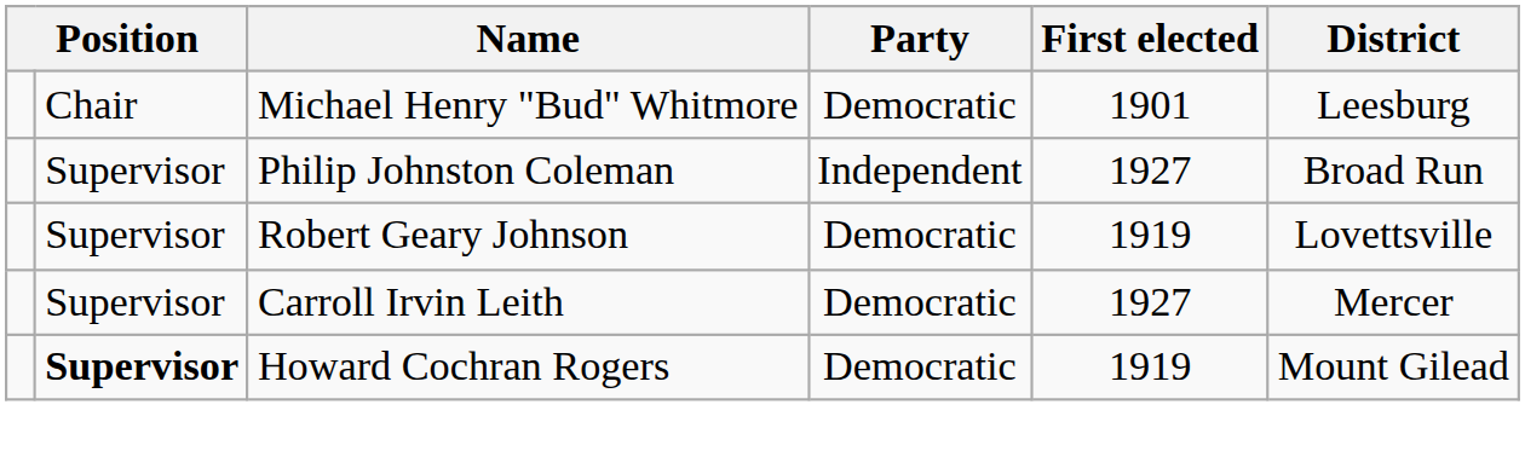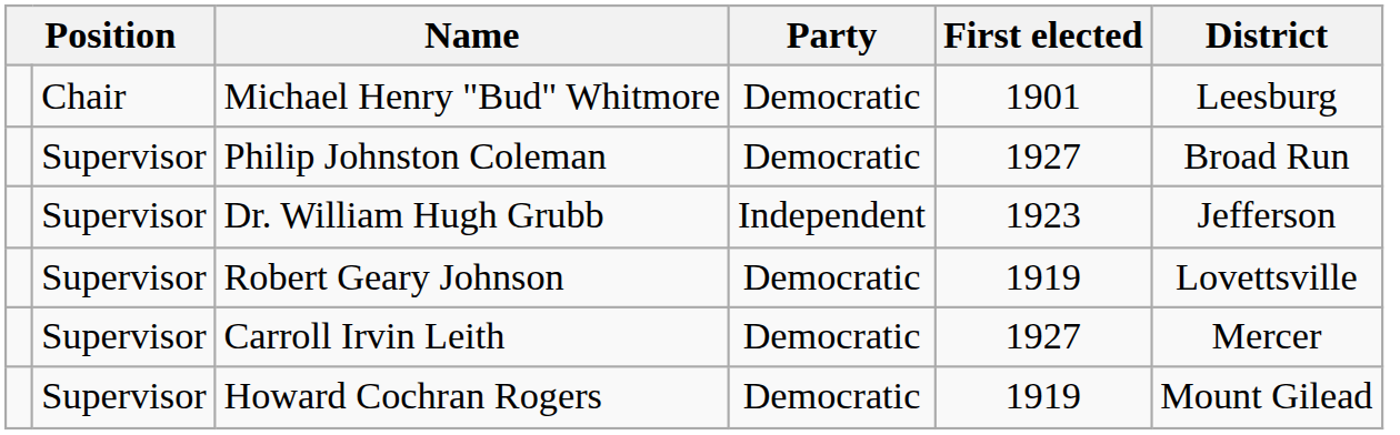 <table class="wikitable">
 <tr>
 <th colspan="2">Position</th>
 <th>Name</th>
 <th>Party</th>
 <th>First elected</th>
 <th>District</th>
 </tr>
 <tr>
 <td style="background-color:"> </td>
 <td>Chair</td>
 <td>Michael Henry "Bud" Whitmore</td>
 <td style="text-align:center;">Democratic</td>
 <td style="text-align:center;">1901</td>
 <td style="text-align:center;">Leesburg</td>
 </tr>
 <tr>
 <td style="background-color:"> </td>
 <td>Supervisor</td>
 <td>Philip Johnston Coleman</td>
-<td style="text-align:center;">Independent</td>
+<td style="text-align:center;">Democratic</td>
 <td style="text-align:center;">1927</td>
 <td style="text-align:center;">Broad Run</td>
+</tr>
+<tr>
+<td style="background-color:"> </td>
+<td>Supervisor</td>
+<td>Dr. William Hugh Grubb</td>
+<td style="text-align:center;">Independent</td>
+<td style="text-align:center;">1923</td>
+<td style="text-align:center;">Jefferson</td>
 </tr>
 <tr>
 <td style="background-color:"> </td>
 <td>Supervisor</td>
 <td>Robert Geary Johnson</td>
 <td style="text-align:center;">Democratic</td>
 <td style="text-align:center;">1919</td>
 <td style="text-align:center;">Lovettsville</td>
 </tr>
 <tr>
 <td style="background-color:"> </td>
 <td>Supervisor</td>
 <td>Carroll Irvin Leith</td>
 <td style="text-align:center;">Democratic</td>
 <td style="text-align:center;">1927</td>
 <td style="text-align:center;">Mercer</td>
 </tr>
 <tr>
 <td style="background-color:"> </td>
-<td><strong>Supervisor</strong></td>
+<td>Supervisor</td>
 <td>Howard Cochran Rogers</td>
 <td style="text-align:center;">Democratic</td>
 <td style="text-align:center;">1919</td>
 <td style="text-align:center;">Mount Gilead</td>
 </tr>
 </table>
